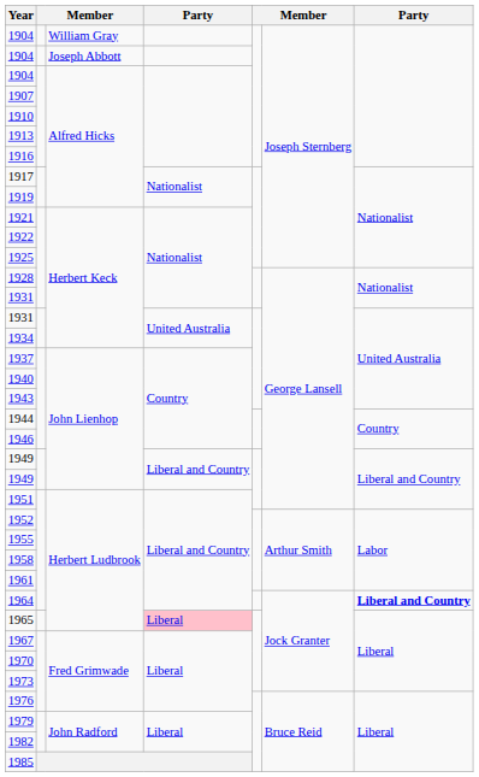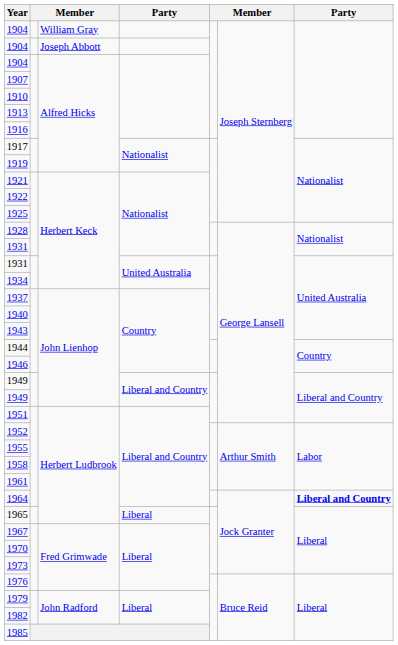 <table class="wikitable">
 <tr>
 <th>Year</th>
 <th colspan="2">Member</th>
 <th>Party</th>
 <th colspan="2">Member</th>
 <th>Party</th>
 </tr>
 <tr>
 <td><a href='#'>1904</a></td>
 <td> </td>
 <td><a href='#'>William Gray</a></td>
 <td></td>
 <td rowspan="7" > </td>
 <td rowspan="12"><a href='#'>Joseph Sternberg</a></td>
 <td rowspan="7"></td>
 </tr>
 <tr>
 <td><a href='#'>1904</a></td>
 <td> </td>
 <td><a href='#'>Joseph Abbott</a></td>
 <td></td>
 </tr>
 <tr>
 <td><a href='#'>1904</a></td>
 <td rowspan="5" > </td>
 <td rowspan="7"><a href='#'>Alfred Hicks</a></td>
 <td rowspan="5"></td>
 </tr>
 <tr>
 <td><a href='#'>1907</a></td>
 </tr>
 <tr>
 <td><a href='#'>1910</a></td>
 </tr>
 <tr>
 <td><a href='#'>1913</a></td>
 </tr>
 <tr>
 <td><a href='#'>1916</a></td>
 </tr>
 <tr>
 <td>1917</td>
 <td rowspan="2" > </td>
 <td rowspan="2"><a href='#'>Nationalist</a></td>
 <td rowspan="5" > </td>
 <td rowspan="5"><a href='#'>Nationalist</a></td>
 </tr>
 <tr>
 <td><a href='#'>1919</a></td>
 </tr>
 <tr>
 <td><a href='#'>1921</a></td>
 <td rowspan="5" > </td>
 <td rowspan="7"><a href='#'>Herbert Keck</a></td>
 <td rowspan="5"><a href='#'>Nationalist</a></td>
 </tr>
 <tr>
 <td><a href='#'>1922</a></td>
 </tr>
 <tr>
 <td><a href='#'>1925</a></td>
 </tr>
 <tr>
 <td><a href='#'>1928</a></td>
 <td rowspan="2" > </td>
 <td rowspan="12"><a href='#'>George Lansell</a></td>
 <td rowspan="2"><a href='#'>Nationalist</a></td>
 </tr>
 <tr>
 <td><a href='#'>1931</a></td>
 </tr>
 <tr>
 <td>1931</td>
 <td rowspan="2" > </td>
 <td rowspan="2"><a href='#'>United Australia</a></td>
 <td rowspan="5" > </td>
 <td rowspan="5"><a href='#'>United Australia</a></td>
 </tr>
 <tr>
 <td><a href='#'>1934</a></td>
 </tr>
 <tr>
 <td><a href='#'>1937</a></td>
 <td rowspan="5" > </td>
 <td rowspan="7"><a href='#'>John Lienhop</a></td>
 <td rowspan="5"><a href='#'>Country</a></td>
 </tr>
 <tr>
 <td><a href='#'>1940</a></td>
 </tr>
 <tr>
 <td><a href='#'>1943</a></td>
 </tr>
 <tr>
 <td>1944</td>
 <td rowspan="2" > </td>
 <td rowspan="2"><a href='#'>Country</a></td>
 </tr>
 <tr>
 <td><a href='#'>1946</a></td>
 </tr>
 <tr>
 <td>1949</td>
 <td rowspan="2" > </td>
 <td rowspan="2"><a href='#'>Liberal and Country</a></td>
 <td rowspan="3" > </td>
 <td rowspan="3"><a href='#'>Liberal and Country</a></td>
 </tr>
 <tr>
 <td><a href='#'>1949</a></td>
 </tr>
 <tr>
 <td><a href='#'>1951</a></td>
 <td rowspan="6" > </td>
 <td rowspan="7"><a href='#'>Herbert Ludbrook</a></td>
 <td rowspan="6"><a href='#'>Liberal and Country</a></td>
 </tr>
 <tr>
 <td><a href='#'>1952</a></td>
 <td rowspan="4" > </td>
 <td rowspan="4"><a href='#'>Arthur Smith</a></td>
 <td rowspan="4"><a href='#'>Labor</a></td>
 </tr>
 <tr>
 <td><a href='#'>1955</a></td>
 </tr>
 <tr>
 <td><a href='#'>1958</a></td>
 </tr>
 <tr>
 <td><a href='#'>1961</a></td>
 </tr>
 <tr>
 <td><a href='#'>1964</a></td>
 <td> </td>
 <td rowspan="5"><a href='#'>Jock Granter</a></td>
 <td><strong><a href='#'>Liberal and Country</a></strong></td>
 </tr>
 <tr>
 <td>1965</td>
 <td> </td>
-<td style="background: pink;"><a href='#'>Liberal</a></td>
+<td><a href='#'>Liberal</a></td>
 <td rowspan="4" > </td>
 <td rowspan="4"><a href='#'>Liberal</a></td>
 </tr>
 <tr>
 <td><a href='#'>1967</a></td>
 <td rowspan="4" > </td>
 <td rowspan="4"><a href='#'>Fred Grimwade</a></td>
 <td rowspan="4"><a href='#'>Liberal</a></td>
 </tr>
 <tr>
 <td><a href='#'>1970</a></td>
 </tr>
 <tr>
 <td><a href='#'>1973</a></td>
 </tr>
 <tr>
 <td><a href='#'>1976</a></td>
 <td rowspan="4" > </td>
 <td rowspan="4"><a href='#'>Bruce Reid</a></td>
 <td rowspan="4"><a href='#'>Liberal</a></td>
 </tr>
 <tr>
 <td><a href='#'>1979</a></td>
 <td rowspan="2" > </td>
 <td rowspan="2"><a href='#'>John Radford</a></td>
 <td rowspan="2"><a href='#'>Liberal</a></td>
 </tr>
 <tr>
 <td><a href='#'>1982</a></td>
 </tr>
 <tr>
 <td><a href='#'>1985</a></td>
 <th colspan="3"></th>
 </tr>
 </table>
